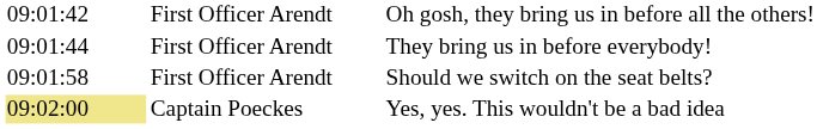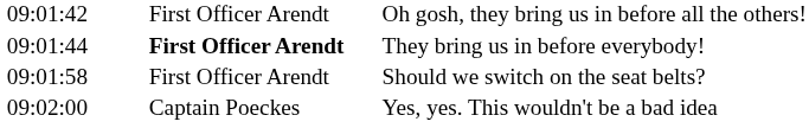 <table align="center" style="border:none;" cellpadding="1">
 <tr>
 <th style="width:6.0em;"></th>
 <th style="width:10.0em;"></th>
 <th style="width:37.0em;"></th>
 </tr>
 <tr style="vertical-align:top;">
 <td>09:01:42</td>
 <td>First Officer Arendt</td>
 <td>Oh gosh, they bring us in before all the others!</td>
 </tr>
 <tr style="vertical-align:top;">
 <td>09:01:44</td>
-<td>First Officer Arendt</td>
+<td><strong>First Officer Arendt</strong></td>
 <td>They bring us in before everybody!</td>
 </tr>
 <tr style="vertical-align:top;">
 <td>09:01:58</td>
 <td>First Officer Arendt</td>
 <td>Should we switch on the seat belts?</td>
 </tr>
 <tr style="vertical-align:top;">
-<td style="background: khaki;">09:02:00</td>
+<td>09:02:00</td>
 <td>Captain Poeckes</td>
 <td>Yes, yes. This wouldn't be a bad idea</td>
 </tr>
 </table>
